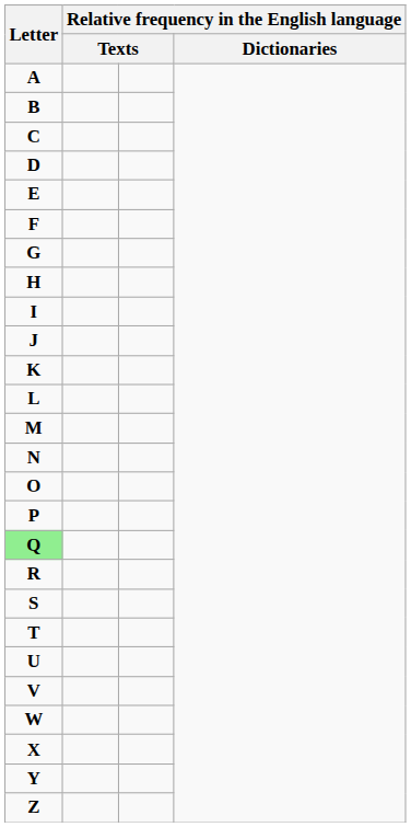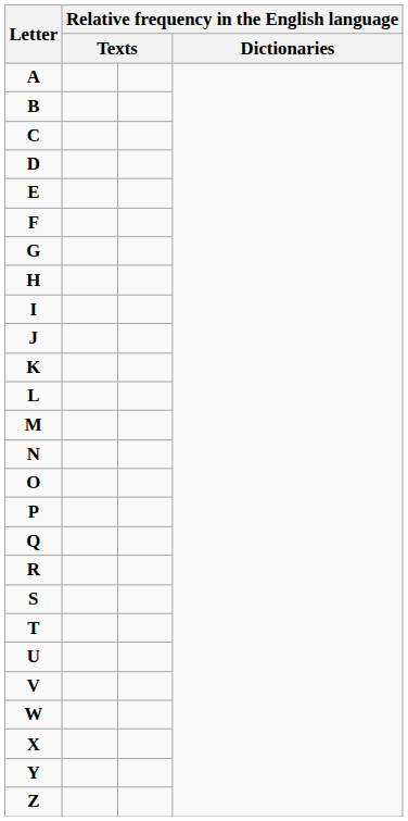 <table class="wikitable sortable floatright">
 <tr>
 <th rowspan="2">Letter</th>
 <th colspan="4">Relative frequency in the English language</th>
 </tr>
 <tr>
 <th colspan="2" data-sort-type=number>Texts</th>
 <th colspan="2" data-sort-type=number>Dictionaries</th>
 </tr>
 <tr>
 <td align="center"><strong>A</strong></td>
 <td align="right"></td>
 <td align="right"></td>
 </tr>
 <tr>
 <td align="center"><strong>B</strong></td>
 <td align="right"></td>
 <td align="right"></td>
 </tr>
 <tr>
 <td align="center"><strong>C</strong></td>
 <td align="right"></td>
 <td align="right"></td>
 </tr>
 <tr>
 <td align="center"><strong>D</strong></td>
 <td align="right"></td>
 <td align="right"></td>
 </tr>
 <tr>
 <td align="center"><strong>E</strong></td>
 <td align="right"></td>
 <td align="right"></td>
 </tr>
 <tr>
 <td align="center"><strong>F</strong></td>
 <td align="right"></td>
 <td align="right"></td>
 </tr>
 <tr>
 <td align="center"><strong>G</strong></td>
 <td align="right"></td>
 <td align="right"></td>
 </tr>
 <tr>
 <td align="center"><strong>H</strong></td>
 <td align="right"></td>
 <td align="right"></td>
 </tr>
 <tr>
 <td align="center"><strong>I</strong></td>
 <td align="right"></td>
 <td align="right"></td>
 </tr>
 <tr>
 <td align="center"><strong>J</strong></td>
 <td align="right"></td>
 <td align="right"></td>
 </tr>
 <tr>
 <td align="center"><strong>K</strong></td>
 <td align="right"></td>
 <td align="right"></td>
 </tr>
 <tr>
 <td align="center"><strong>L</strong></td>
 <td align="right"></td>
 <td align="right"></td>
 </tr>
 <tr>
 <td align="center"><strong>M</strong></td>
 <td align="right"></td>
 <td align="right"></td>
 </tr>
 <tr>
 <td align="center"><strong>N</strong></td>
 <td align="right"></td>
 <td align="right"></td>
 </tr>
 <tr>
 <td align="center"><strong>O</strong></td>
 <td align="right"></td>
 <td align="right"></td>
 </tr>
 <tr>
 <td align="center"><strong>P</strong></td>
 <td align="right"></td>
 <td align="right"></td>
 </tr>
 <tr>
-<td align="center" style="background: lightgreen;"><strong>Q</strong></td>
+<td align="center"><strong>Q</strong></td>
 <td align="right"></td>
 <td align="right"></td>
 </tr>
 <tr>
 <td align="center"><strong>R</strong></td>
 <td align="right"></td>
 <td align="right"></td>
 </tr>
 <tr>
 <td align="center"><strong>S</strong></td>
 <td align="right"></td>
 <td align="right"></td>
 </tr>
 <tr>
 <td align="center"><strong>T</strong></td>
 <td align="right"></td>
 <td align="right"></td>
 </tr>
 <tr>
 <td align="center"><strong>U</strong></td>
 <td align="right"></td>
 <td align="right"></td>
 </tr>
 <tr>
 <td align="center"><strong>V</strong></td>
 <td align="right"></td>
 <td align="right"></td>
 </tr>
 <tr>
 <td align="center"><strong>W</strong></td>
 <td align="right"></td>
 <td align="right"></td>
 </tr>
 <tr>
 <td align="center"><strong>X</strong></td>
 <td align="right"></td>
 <td align="right"></td>
 </tr>
 <tr>
 <td align="center"><strong>Y</strong></td>
 <td align="right"></td>
 <td align="right"></td>
 </tr>
 <tr>
 <td align="center"><strong>Z</strong></td>
 <td align="right"></td>
 <td align="right"></td>
 </tr>
 </table>
